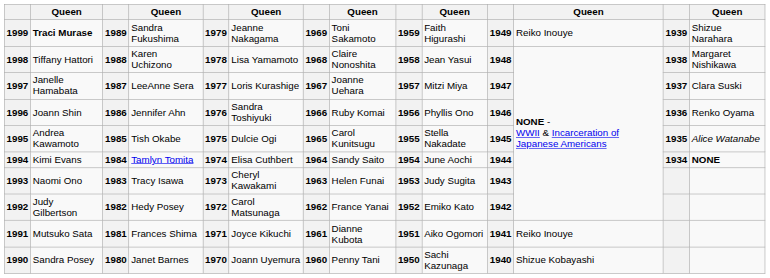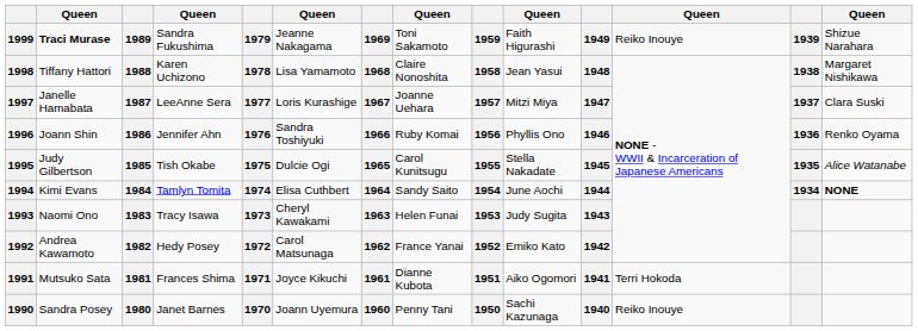 <table class="wikitable">
 <tr>
 <th></th>
 <th>Queen</th>
 <th></th>
 <th>Queen</th>
 <th></th>
 <th>Queen</th>
 <th></th>
 <th>Queen</th>
 <th></th>
 <th>Queen</th>
 <th></th>
 <th>Queen</th>
 <th></th>
 <th>Queen</th>
 </tr>
 <tr>
 <th>1999</th>
 <td><strong>Traci Murase</strong></td>
 <th>1989</th>
 <td>Sandra Fukushima</td>
 <th>1979</th>
 <td>Jeanne Nakagama</td>
 <th>1969</th>
 <td>Toni Sakamoto</td>
 <th>1959</th>
 <td>Faith Higurashi</td>
 <th>1949</th>
 <td>Reiko Inouye</td>
 <th>1939</th>
 <td>Shizue Narahara</td>
 </tr>
 <tr>
 <th>1998</th>
 <td>Tiffany Hattori</td>
 <th>1988</th>
 <td>Karen Uchizono</td>
 <th>1978</th>
 <td>Lisa Yamamoto</td>
 <th>1968</th>
 <td>Claire Nonoshita</td>
 <th>1958</th>
 <td>Jean Yasui</td>
 <th>1948</th>
 <td rowspan="7"><strong>NONE</strong> -<br><a href='#'>WWII</a> & <a href='#'>Incarceration of Japanese Americans</a></td>
 <th>1938</th>
 <td>Margaret Nishikawa</td>
 </tr>
 <tr>
 <th>1997</th>
 <td>Janelle Hamabata</td>
 <th>1987</th>
 <td>LeeAnne Sera</td>
 <th>1977</th>
 <td>Loris Kurashige</td>
 <th>1967</th>
 <td>Joanne Uehara</td>
 <th>1957</th>
 <td>Mitzi Miya</td>
 <th>1947</th>
 <th>1937</th>
 <td>Clara Suski</td>
 </tr>
 <tr>
 <th>1996</th>
 <td>Joann Shin</td>
 <th>1986</th>
 <td>Jennifer Ahn</td>
 <th>1976</th>
 <td>Sandra Toshiyuki</td>
 <th>1966</th>
 <td>Ruby Komai</td>
 <th>1956</th>
 <td>Phyllis Ono</td>
 <th>1946</th>
 <th>1936</th>
 <td>Renko Oyama</td>
 </tr>
 <tr>
 <th>1995</th>
-<td>Andrea Kawamoto</td>
+<td>Judy Gilbertson</td>
 <th>1985</th>
 <td>Tish Okabe</td>
 <th>1975</th>
 <td>Dulcie Ogi</td>
 <th>1965</th>
 <td>Carol Kunitsugu</td>
 <th>1955</th>
 <td>Stella Nakadate</td>
 <th>1945</th>
 <th>1935</th>
 <td><em>Alice Watanabe</em></td>
 </tr>
 <tr>
 <th>1994</th>
 <td>Kimi Evans</td>
 <th>1984</th>
 <td><a href='#'>Tamlyn Tomita</a></td>
 <th>1974</th>
 <td>Elisa Cuthbert</td>
 <th>1964</th>
 <td>Sandy Saito</td>
 <th>1954</th>
 <td>June Aochi</td>
 <th>1944</th>
 <th>1934</th>
 <td><strong>NONE</strong></td>
 </tr>
 <tr>
 <th>1993</th>
 <td>Naomi Ono</td>
 <th>1983</th>
 <td>Tracy Isawa</td>
 <th>1973</th>
 <td>Cheryl Kawakami</td>
 <th>1963</th>
 <td>Helen Funai</td>
 <th>1953</th>
 <td>Judy Sugita</td>
 <th>1943</th>
 <th></th>
 <td></td>
 </tr>
 <tr>
 <th>1992</th>
-<td>Judy Gilbertson</td>
+<td>Andrea Kawamoto</td>
 <th>1982</th>
 <td>Hedy Posey</td>
 <th>1972</th>
 <td>Carol Matsunaga</td>
 <th>1962</th>
 <td>France Yanai</td>
 <th>1952</th>
 <td>Emiko Kato</td>
 <th>1942</th>
 <th></th>
 <td></td>
 </tr>
 <tr>
 <th>1991</th>
 <td>Mutsuko Sata</td>
 <th>1981</th>
 <td>Frances Shima</td>
 <th>1971</th>
 <td>Joyce Kikuchi</td>
 <th>1961</th>
 <td>Dianne Kubota</td>
 <th>1951</th>
 <td>Aiko Ogomori</td>
 <th>1941</th>
-<td>Reiko Inouye</td>
+<td>Terri Hokoda</td>
 <th></th>
 <td></td>
 </tr>
 <tr>
 <th>1990</th>
 <td>Sandra Posey</td>
 <th>1980</th>
 <td>Janet Barnes</td>
 <th>1970</th>
 <td>Joann Uyemura</td>
 <th>1960</th>
 <td>Penny Tani</td>
 <th>1950</th>
 <td>Sachi Kazunaga</td>
 <th>1940</th>
-<td>Shizue Kobayashi</td>
+<td>Reiko Inouye</td>
 <th></th>
 <td></td>
 </tr>
 </table>
